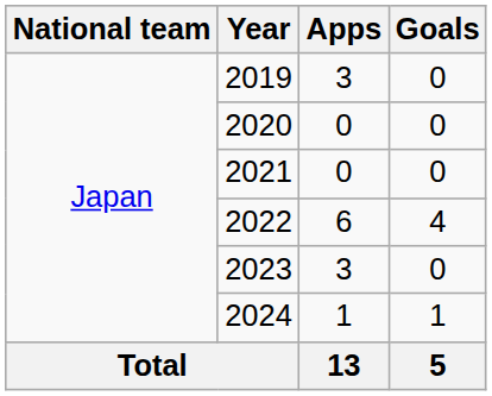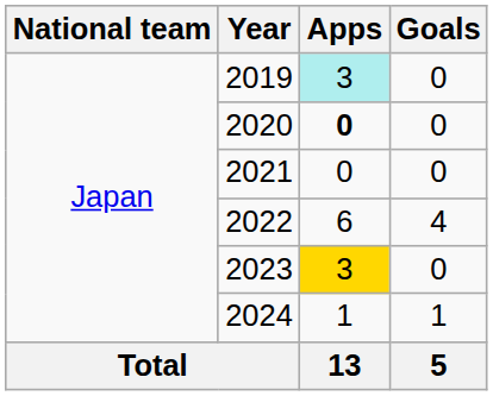 <table class="wikitable" style="text-align:center">
 <tr>
 <th>National team</th>
 <th>Year</th>
 <th>Apps</th>
 <th>Goals</th>
 </tr>
 <tr>
 <td rowspan="6"><a href='#'>Japan</a></td>
 <td>2019</td>
-<td>3</td>
+<td style="background: paleturquoise;">3</td>
 <td>0</td>
 </tr>
 <tr>
 <td>2020</td>
-<td>0</td>
+<td><strong>0</strong></td>
 <td>0</td>
 </tr>
 <tr>
 <td>2021</td>
 <td>0</td>
 <td>0</td>
 </tr>
 <tr>
 <td>2022</td>
 <td>6</td>
 <td>4</td>
 </tr>
 <tr>
 <td>2023</td>
-<td>3</td>
+<td style="background: gold;">3</td>
 <td>0</td>
 </tr>
 <tr>
 <td>2024</td>
 <td>1</td>
 <td>1</td>
 </tr>
 <tr>
 <th colspan="2">Total</th>
 <th>13</th>
 <th>5</th>
 </tr>
 </table>
